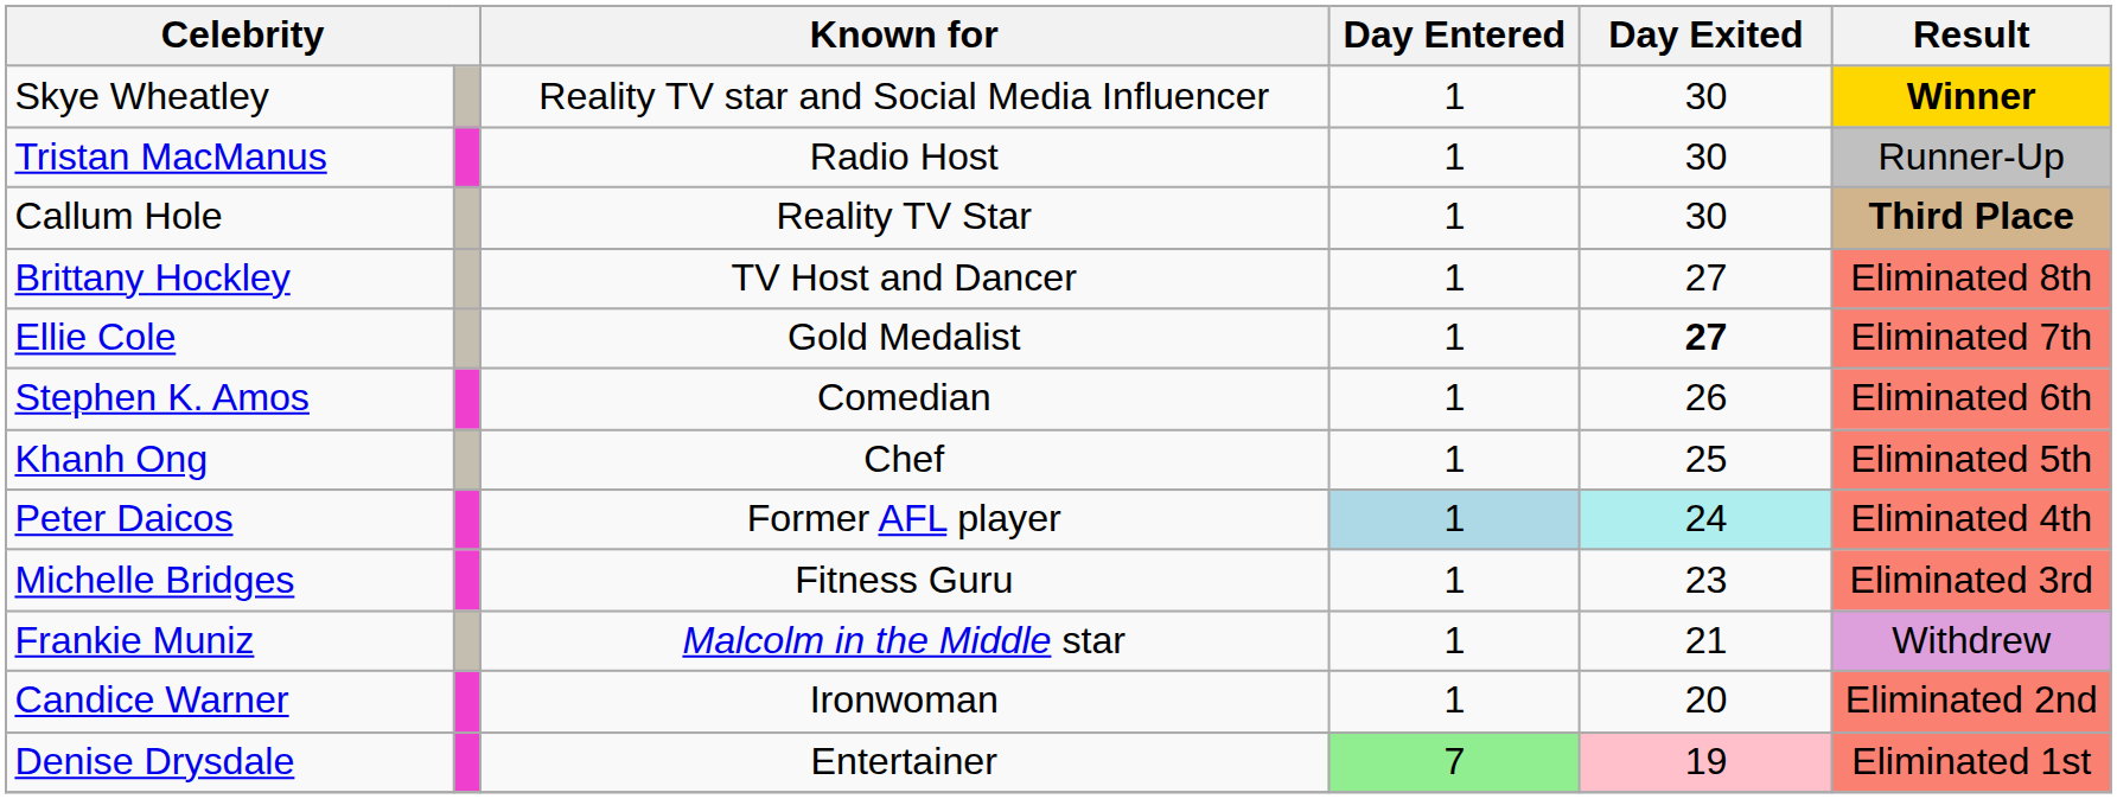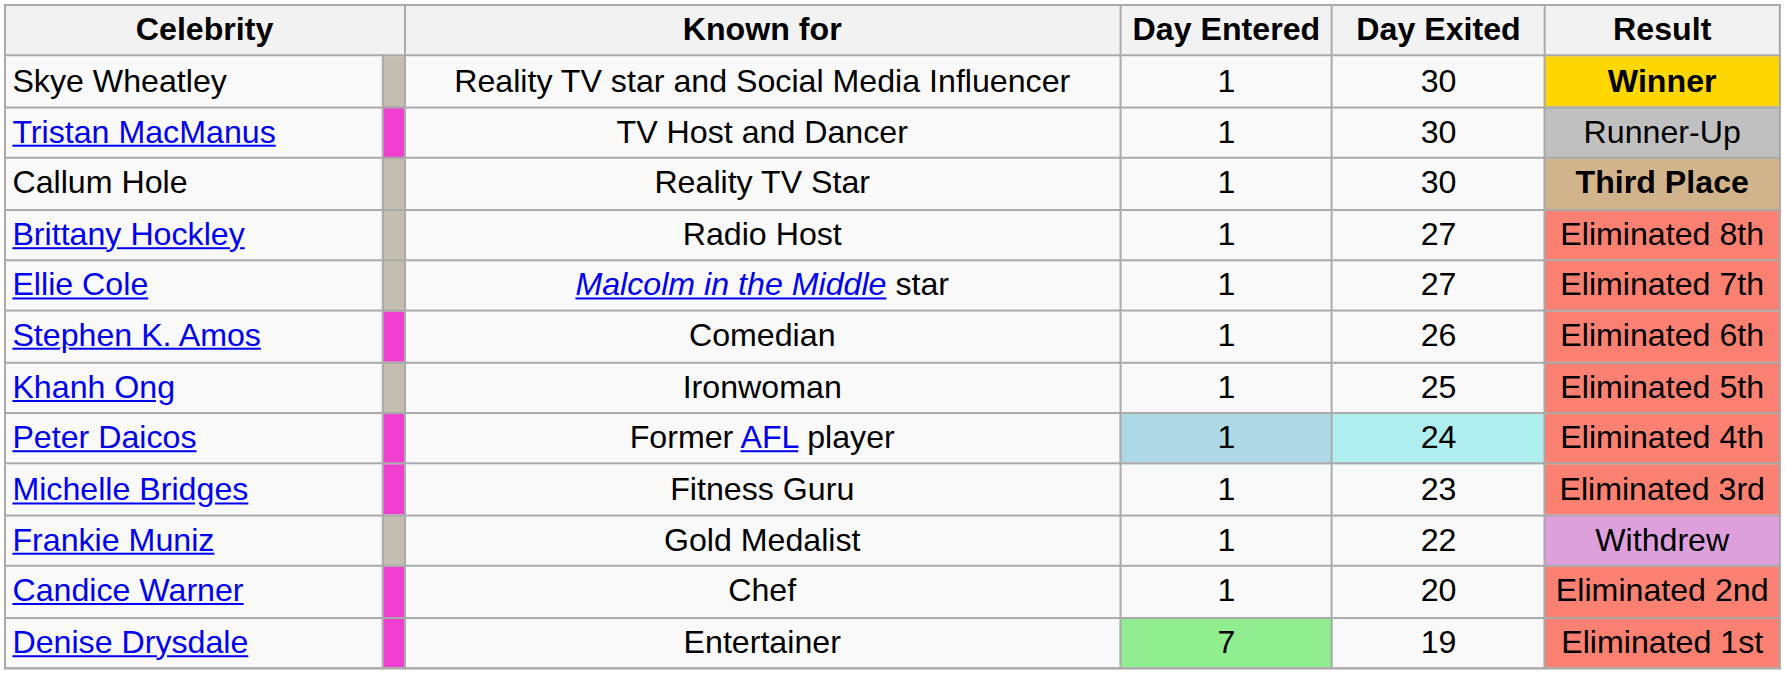 <table class="wikitable" style="margin:auto; text-align:center;">
 <tr>
 <th style="width:15%;" colspan="2">Celebrity</th>
 <th style="width:27%;" scope="col">Known for</th>
 <th style="width:8%;" scope="col">Day Entered</th>
 <th style="width:8%;" scope="col">Day Exited</th>
 <th style="width:8%;" scope="col">Result</th>
 </tr>
 <tr>
 <td align=left>Skye Wheatley</td>
 <td style=background:#C4BEB1></td>
 <td>Reality TV star and Social Media Influencer</td>
 <td>1</td>
 <td>30</td>
 <td style="background:gold"><strong>Winner</strong></td>
 </tr>
 <tr>
 <td align=left><a href='#'>Tristan MacManus</a></td>
 <td style=background:#EE3FCF></td>
-<td>Radio Host</td>
+<td>TV Host and Dancer</td>
 <td>1</td>
 <td>30</td>
 <td style="background:silver">Runner-Up</td>
 </tr>
 <tr>
 <td align=left>Callum Hole</td>
 <td style=background:#C4BEB1></td>
 <td>Reality TV Star</td>
 <td>1</td>
 <td>30</td>
 <td style="background:tan"><strong>Third Place</strong></td>
 </tr>
 <tr>
 <td align=left><a href='#'>Brittany Hockley</a></td>
 <td style=background:#C4BEB1></td>
-<td>TV Host and Dancer</td>
+<td>Radio Host</td>
 <td>1</td>
 <td>27</td>
 <td style="background:salmon">Eliminated 8th</td>
 </tr>
 <tr>
 <td align=left><a href='#'>Ellie Cole</a></td>
 <td style=background:#C4BEB1></td>
-<td>Gold Medalist</td>
+<td><em><a href='#'>Malcolm in the Middle</a></em> star</td>
 <td>1</td>
-<td><strong>27</strong></td>
+<td>27</td>
 <td style="background:salmon">Eliminated 7th</td>
 </tr>
 <tr>
 <td align=left><a href='#'>Stephen K. Amos</a></td>
 <td style=background:#EE3FCF></td>
 <td>Comedian</td>
 <td>1</td>
 <td>26</td>
 <td style="background:salmon">Eliminated 6th</td>
 </tr>
 <tr>
 <td align=left><a href='#'>Khanh Ong</a></td>
 <td style=background:#C4BEB1></td>
-<td>Chef</td>
+<td>Ironwoman</td>
 <td>1</td>
 <td>25</td>
 <td style="background:salmon">Eliminated 5th</td>
 </tr>
 <tr>
 <td align=left><a href='#'>Peter Daicos</a></td>
 <td style=background:#EE3FCF></td>
 <td>Former <a href='#'>AFL</a> player</td>
 <td style="background: lightblue;">1</td>
 <td style="background: paleturquoise;">24</td>
 <td style="background:salmon">Eliminated 4th</td>
 </tr>
 <tr>
 <td align=left><a href='#'>Michelle Bridges</a></td>
 <td style=background:#EE3FCF></td>
 <td>Fitness Guru</td>
 <td>1</td>
 <td>23</td>
 <td style="background:salmon">Eliminated 3rd</td>
 </tr>
 <tr>
 <td align=left><a href='#'>Frankie Muniz</a></td>
 <td style=background:#C4BEB1></td>
-<td><em><a href='#'>Malcolm in the Middle</a></em> star</td>
+<td>Gold Medalist</td>
 <td>1</td>
-<td>21</td>
+<td>22</td>
 <td style="background:plum">Withdrew</td>
 </tr>
 <tr>
 <td align=left><a href='#'>Candice Warner</a></td>
 <td style=background:#EE3FCF></td>
-<td>Ironwoman</td>
+<td>Chef</td>
 <td>1</td>
 <td>20</td>
 <td style="background:salmon">Eliminated 2nd</td>
 </tr>
 <tr>
 <td align=left><a href='#'>Denise Drysdale</a></td>
 <td style=background:#EE3FCF></td>
 <td>Entertainer</td>
 <td style=background:lightgreen>7</td>
-<td style="background: pink;">19</td>
+<td>19</td>
 <td style="background:salmon">Eliminated 1st</td>
 </tr>
 <tr>
 </tr>
 </table>
